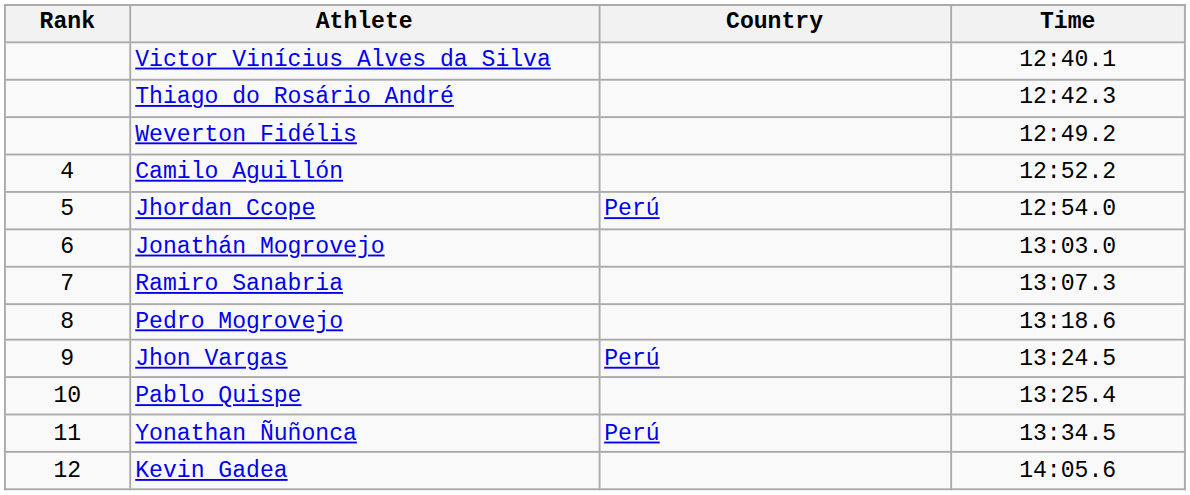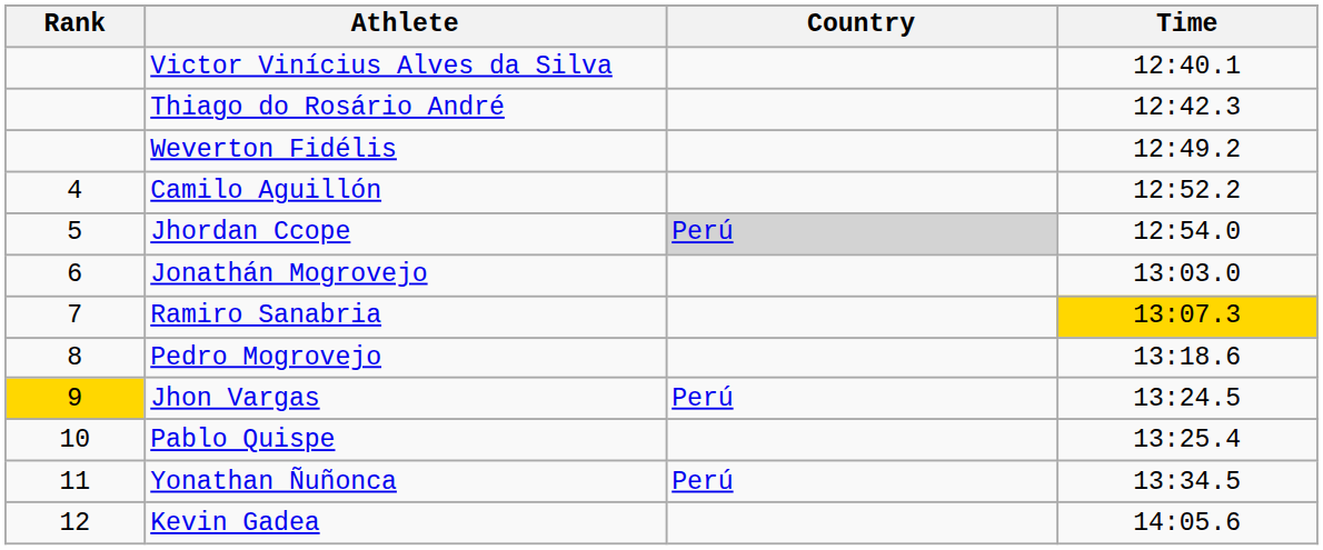 <table class="wikitable sortable" style=" text-align:center; font-size:95%;" width="50%">
 <tr>
 </tr>
 <tr>
 <th width=5%>Rank</th>
 <th width=20%>Athlete</th>
 <th width=15%>Country</th>
 <th width=10%>Time</th>
 </tr>
 <tr>
 <td align=center></td>
 <td align=left><a href='#'>Victor Vinícius Alves da Silva</a></td>
 <td align=left></td>
 <td>12:40.1</td>
 </tr>
 <tr>
 <td align=center></td>
 <td align=left><a href='#'>Thiago do Rosário André</a></td>
 <td align=left></td>
 <td>12:42.3</td>
 </tr>
 <tr>
 <td align=center></td>
 <td align=left><a href='#'>Weverton Fidélis</a></td>
 <td align=left></td>
 <td>12:49.2</td>
 </tr>
 <tr>
 <td align=center>4</td>
 <td align=left><a href='#'>Camilo Aguillón</a></td>
 <td align=left></td>
 <td>12:52.2</td>
 </tr>
 <tr>
 <td align=center>5</td>
 <td align=left><a href='#'>Jhordan Ccope</a></td>
-<td align=left> <a href='#'>Perú</a></td>
+<td align=left style="background: lightgrey;"> <a href='#'>Perú</a></td>
 <td>12:54.0</td>
 </tr>
 <tr>
 <td align=center>6</td>
 <td align=left><a href='#'>Jonathán Mogrovejo</a></td>
 <td align=left></td>
 <td>13:03.0</td>
 </tr>
 <tr>
 <td align=center>7</td>
 <td align=left><a href='#'>Ramiro Sanabria</a></td>
 <td align=left></td>
-<td>13:07.3</td>
+<td style="background: gold;">13:07.3</td>
 </tr>
 <tr>
 <td align=center>8</td>
 <td align=left><a href='#'>Pedro Mogrovejo</a></td>
 <td align=left></td>
 <td>13:18.6</td>
 </tr>
 <tr>
-<td align=center>9</td>
+<td align=center style="background: gold;">9</td>
 <td align=left><a href='#'>Jhon Vargas</a></td>
 <td align=left> <a href='#'>Perú</a></td>
 <td>13:24.5</td>
 </tr>
 <tr>
 <td align=center>10</td>
 <td align=left><a href='#'>Pablo Quispe</a></td>
 <td align=left></td>
 <td>13:25.4</td>
 </tr>
 <tr>
 <td align=center>11</td>
 <td align=left><a href='#'>Yonathan Ñuñonca</a></td>
 <td align=left> <a href='#'>Perú</a></td>
 <td>13:34.5</td>
 </tr>
 <tr>
 <td align=center>12</td>
 <td align=left><a href='#'>Kevin Gadea</a></td>
 <td align=left></td>
 <td>14:05.6</td>
 </tr>
 </table>
